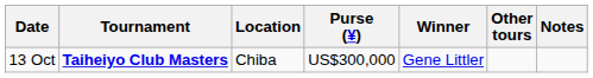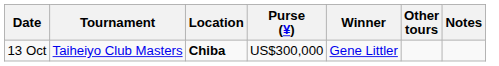 <table class="wikitable" style="font-size:95%">
 <tr>
 <th>Date</th>
 <th>Tournament</th>
 <th>Location</th>
 <th>Purse<br>(<a href='#'>¥</a>)</th>
 <th>Winner</th>
 <th>Other<br>tours</th>
 <th>Notes</th>
 </tr>
 <tr>
 <td>13 Oct</td>
-<td><strong><a href='#'>Taiheiyo Club Masters</a></strong></td>
-<td>Chiba</td>
+<td><a href='#'>Taiheiyo Club Masters</a></td>
+<td><strong>Chiba</strong></td>
 <td align=right>US$300,000</td>
 <td> <a href='#'>Gene Littler</a></td>
 <td></td>
 </tr>
 </table>
